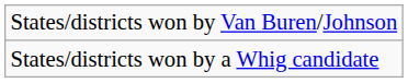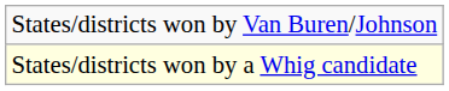 <table class="wikitable">
 <tr>
 <td>States/districts won by <a href='#'>Van Buren</a>/<a href='#'>Johnson</a></td>
 </tr>
 <tr>
-<td>States/districts won by a <a href='#'>Whig candidate</a></td>
+<td style="background: lightyellow;">States/districts won by a <a href='#'>Whig candidate</a></td>
 </tr>
 </table>
